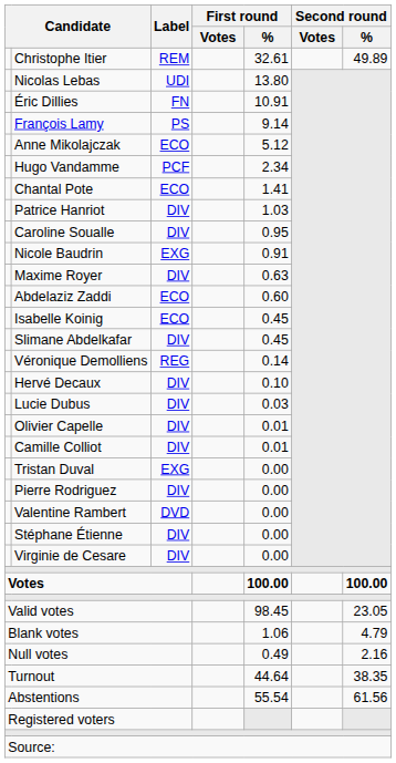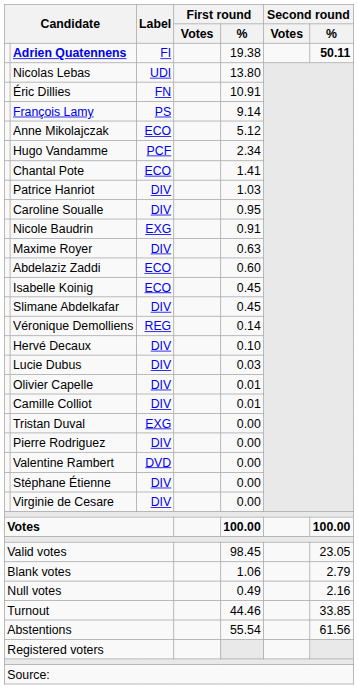 <table class="wikitable" style="text-align:right;font-size:95%;">
 <tr>
 <th rowspan="2" colspan="2">Candidate</th>
 <th rowspan="2">Label</th>
 <th colspan="2">First round</th>
 <th colspan="2">Second round</th>
 </tr>
 <tr>
 <th style="width:50px;">Votes</th>
 <th style="width:45px;">%</th>
 <th style="width:50px;">Votes</th>
 <th style="width:45px;">%</th>
 </tr>
 <tr>
 <td style="color:inherit;background:"></td>
-<td style="text-align:left;">Christophe Itier</td>
-<td><a href='#'>REM</a></td>
+<td style="text-align:left;"><strong><a href='#'>Adrien Quatennens</a></strong></td>
+<td><a href='#'>FI</a></td>
 <td></td>
-<td>32.61</td>
-<td></td>
-<td>49.89</td>
+<td>19.38</td>
+<td><strong></strong></td>
+<td><strong>50.11</strong></td>
 </tr>
 <tr>
 <td style="color:inherit;background:"></td>
 <td style="text-align:left;">Nicolas Lebas</td>
 <td><a href='#'>UDI</a></td>
 <td></td>
 <td>13.80</td>
 <td colspan="2" rowspan="23" style="background:#E9E9E9;"></td>
 </tr>
 <tr>
 <td style="color:inherit;background:"></td>
 <td style="text-align:left;">Éric Dillies</td>
 <td><a href='#'>FN</a></td>
 <td></td>
 <td>10.91</td>
 </tr>
 <tr>
 <td style="color:inherit;background:"></td>
 <td style="text-align:left;"><a href='#'>François Lamy</a></td>
 <td><a href='#'>PS</a></td>
 <td></td>
 <td>9.14</td>
 </tr>
 <tr>
 <td style="color:inherit;background:"></td>
 <td style="text-align:left;">Anne Mikolajczak</td>
 <td><a href='#'>ECO</a></td>
 <td></td>
 <td>5.12</td>
 </tr>
 <tr>
 <td style="color:inherit;background:"></td>
 <td style="text-align:left;">Hugo Vandamme</td>
 <td><a href='#'>PCF</a></td>
 <td></td>
 <td>2.34</td>
 </tr>
 <tr>
 <td style="color:inherit;background:"></td>
 <td style="text-align:left;">Chantal Pote</td>
 <td><a href='#'>ECO</a></td>
 <td></td>
 <td>1.41</td>
 </tr>
 <tr>
 <td style="color:inherit;background:"></td>
 <td style="text-align:left;">Patrice Hanriot</td>
 <td><a href='#'>DIV</a></td>
 <td></td>
 <td>1.03</td>
 </tr>
 <tr>
 <td style="color:inherit;background:"></td>
 <td style="text-align:left;">Caroline Soualle</td>
 <td><a href='#'>DIV</a></td>
 <td></td>
 <td>0.95</td>
 </tr>
 <tr>
 <td style="color:inherit;background:"></td>
 <td style="text-align:left;">Nicole Baudrin</td>
 <td><a href='#'>EXG</a></td>
 <td></td>
 <td>0.91</td>
 </tr>
 <tr>
 <td style="color:inherit;background:"></td>
 <td style="text-align:left;">Maxime Royer</td>
 <td><a href='#'>DIV</a></td>
 <td></td>
 <td>0.63</td>
 </tr>
 <tr>
 <td style="color:inherit;background:"></td>
 <td style="text-align:left;">Abdelaziz Zaddi</td>
 <td><a href='#'>ECO</a></td>
 <td></td>
 <td>0.60</td>
 </tr>
 <tr>
 <td style="color:inherit;background:"></td>
 <td style="text-align:left;">Isabelle Koinig</td>
 <td><a href='#'>ECO</a></td>
 <td></td>
 <td>0.45</td>
 </tr>
 <tr>
 <td style="color:inherit;background:"></td>
 <td style="text-align:left;">Slimane Abdelkafar</td>
 <td><a href='#'>DIV</a></td>
 <td></td>
 <td>0.45</td>
 </tr>
 <tr>
 <td style="color:inherit;background:"></td>
 <td style="text-align:left;">Véronique Demolliens</td>
 <td><a href='#'>REG</a></td>
 <td></td>
 <td>0.14</td>
 </tr>
 <tr>
 <td style="color:inherit;background:"></td>
 <td style="text-align:left;">Hervé Decaux</td>
 <td><a href='#'>DIV</a></td>
 <td></td>
 <td>0.10</td>
 </tr>
 <tr>
 <td style="color:inherit;background:"></td>
 <td style="text-align:left;">Lucie Dubus</td>
 <td><a href='#'>DIV</a></td>
 <td></td>
 <td>0.03</td>
 </tr>
 <tr>
 <td style="color:inherit;background:"></td>
 <td style="text-align:left;">Olivier Capelle</td>
 <td><a href='#'>DIV</a></td>
 <td></td>
 <td>0.01</td>
 </tr>
 <tr>
 <td style="color:inherit;background:"></td>
 <td style="text-align:left;">Camille Colliot</td>
 <td><a href='#'>DIV</a></td>
 <td></td>
 <td>0.01</td>
 </tr>
 <tr>
 <td style="color:inherit;background:"></td>
 <td style="text-align:left;">Tristan Duval</td>
 <td><a href='#'>EXG</a></td>
 <td></td>
 <td>0.00</td>
 </tr>
 <tr>
 <td style="color:inherit;background:"></td>
 <td style="text-align:left;">Pierre Rodriguez</td>
 <td><a href='#'>DIV</a></td>
 <td></td>
 <td>0.00</td>
 </tr>
 <tr>
 <td style="color:inherit;background:"></td>
 <td style="text-align:left;">Valentine Rambert</td>
 <td><a href='#'>DVD</a></td>
 <td></td>
 <td>0.00</td>
 </tr>
 <tr>
 <td style="color:inherit;background:"></td>
 <td style="text-align:left;">Stéphane Étienne</td>
 <td><a href='#'>DIV</a></td>
 <td></td>
 <td>0.00</td>
 </tr>
 <tr>
 <td style="color:inherit;background:"></td>
 <td style="text-align:left;">Virginie de Cesare</td>
 <td><a href='#'>DIV</a></td>
 <td></td>
 <td>0.00</td>
 </tr>
 <tr>
 <td colspan="7" style="background:#E9E9E9;"></td>
 </tr>
 <tr style="font-weight:bold;">
 <td colspan="3" style="text-align:left;">Votes</td>
 <td></td>
 <td>100.00</td>
 <td></td>
 <td>100.00</td>
 </tr>
 <tr>
 <td colspan="7" style="background:#E9E9E9;"></td>
 </tr>
 <tr>
 <td colspan="3" style="text-align:left;">Valid votes</td>
 <td></td>
 <td>98.45</td>
 <td></td>
 <td>23.05</td>
 </tr>
 <tr>
 <td colspan="3" style="text-align:left;">Blank votes</td>
 <td></td>
 <td>1.06</td>
 <td></td>
-<td>4.79</td>
+<td>2.79</td>
 </tr>
 <tr>
 <td colspan="3" style="text-align:left;">Null votes</td>
 <td></td>
 <td>0.49</td>
 <td></td>
 <td>2.16</td>
 </tr>
 <tr>
 <td colspan="3" style="text-align:left;">Turnout</td>
 <td></td>
-<td>44.64</td>
+<td>44.46</td>
 <td></td>
-<td>38.35</td>
+<td>33.85</td>
 </tr>
 <tr>
 <td colspan="3" style="text-align:left;">Abstentions</td>
 <td></td>
 <td>55.54</td>
 <td></td>
 <td>61.56</td>
 </tr>
 <tr>
 <td colspan="3" style="text-align:left;">Registered voters</td>
 <td></td>
 <td style="background:#E9E9E9;"></td>
 <td></td>
 <td style="background:#E9E9E9;"></td>
 </tr>
 <tr>
 <td colspan="7" style="background:#E9E9E9;"></td>
 </tr>
 <tr>
 <td colspan="7" style="text-align:left;">Source: </td>
 </tr>
 </table>
